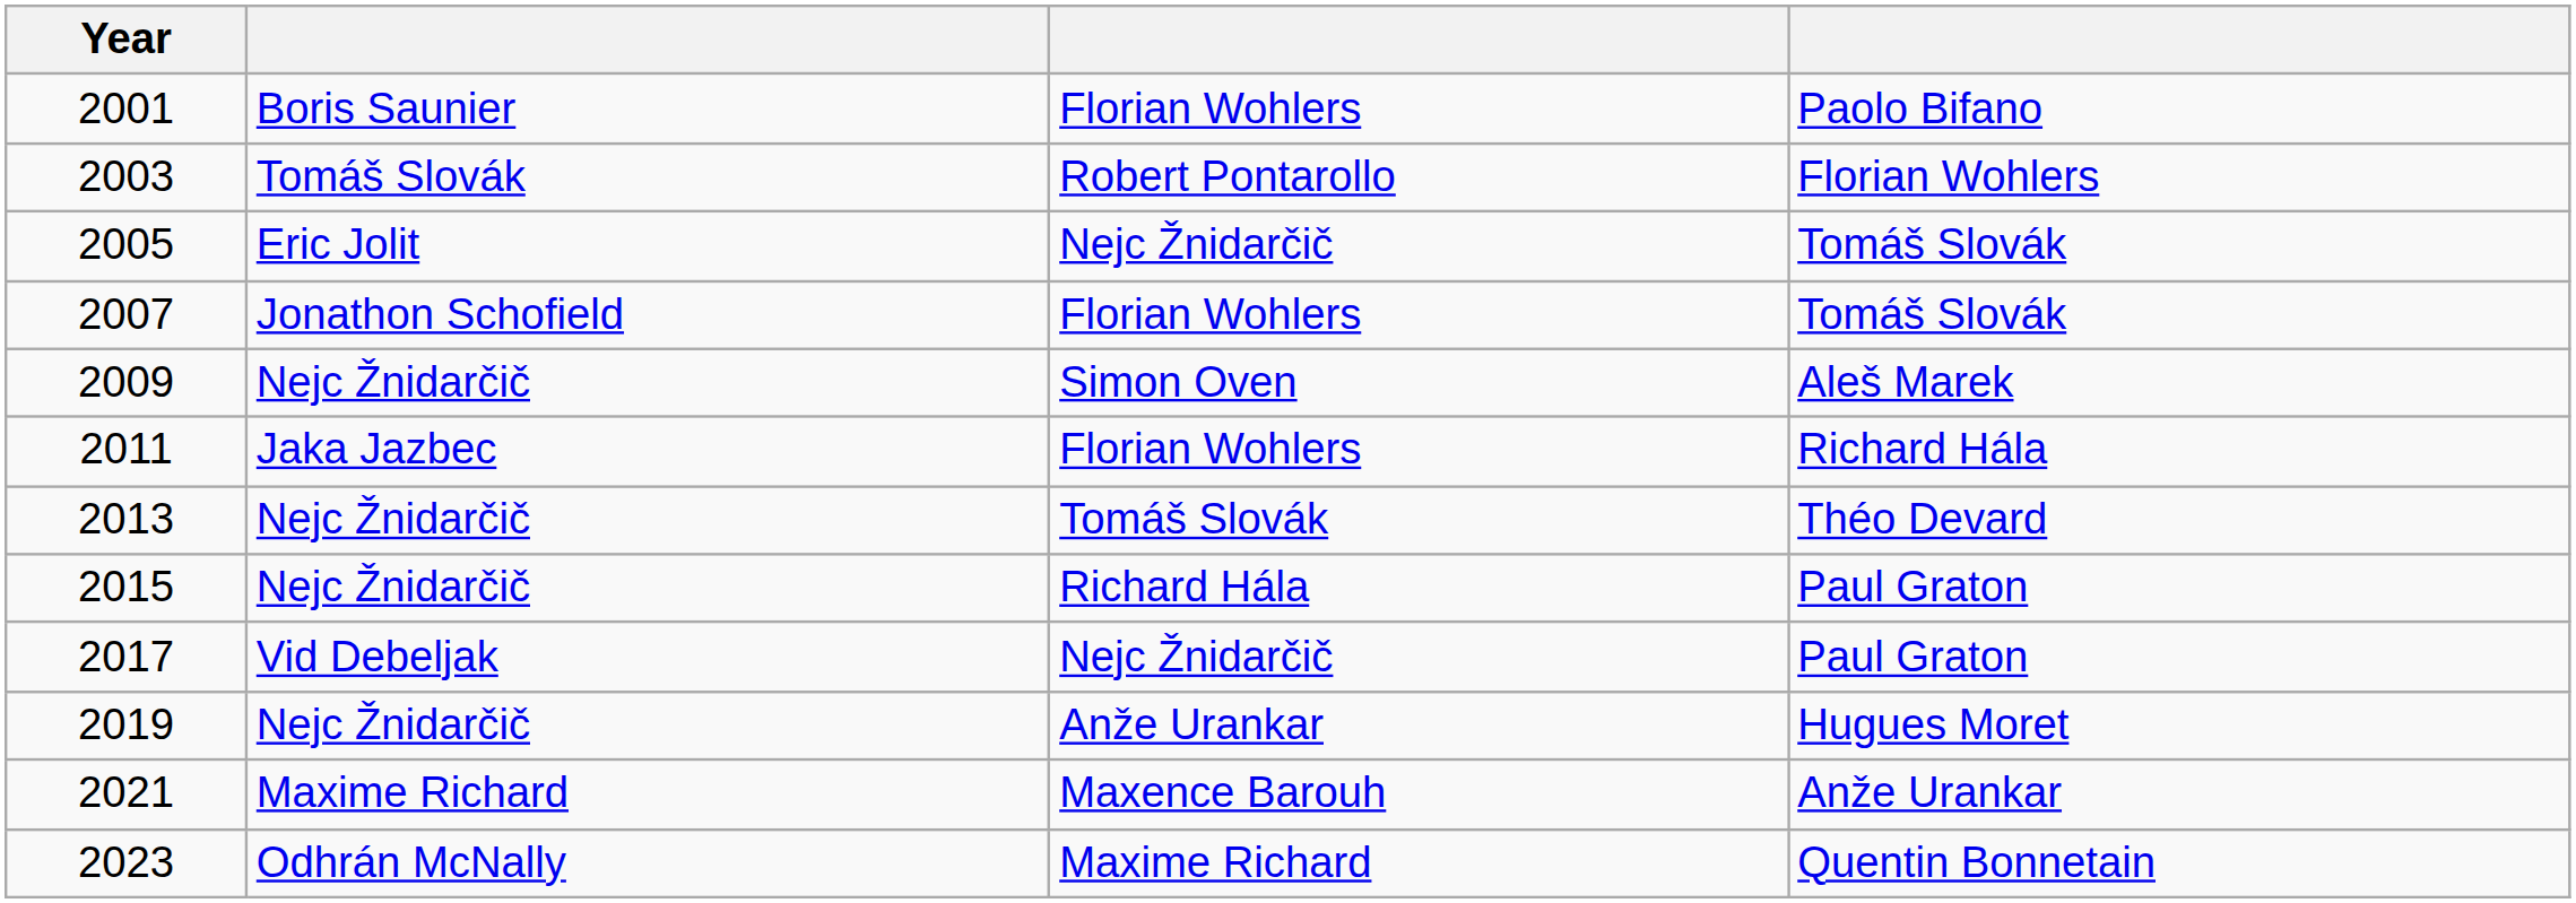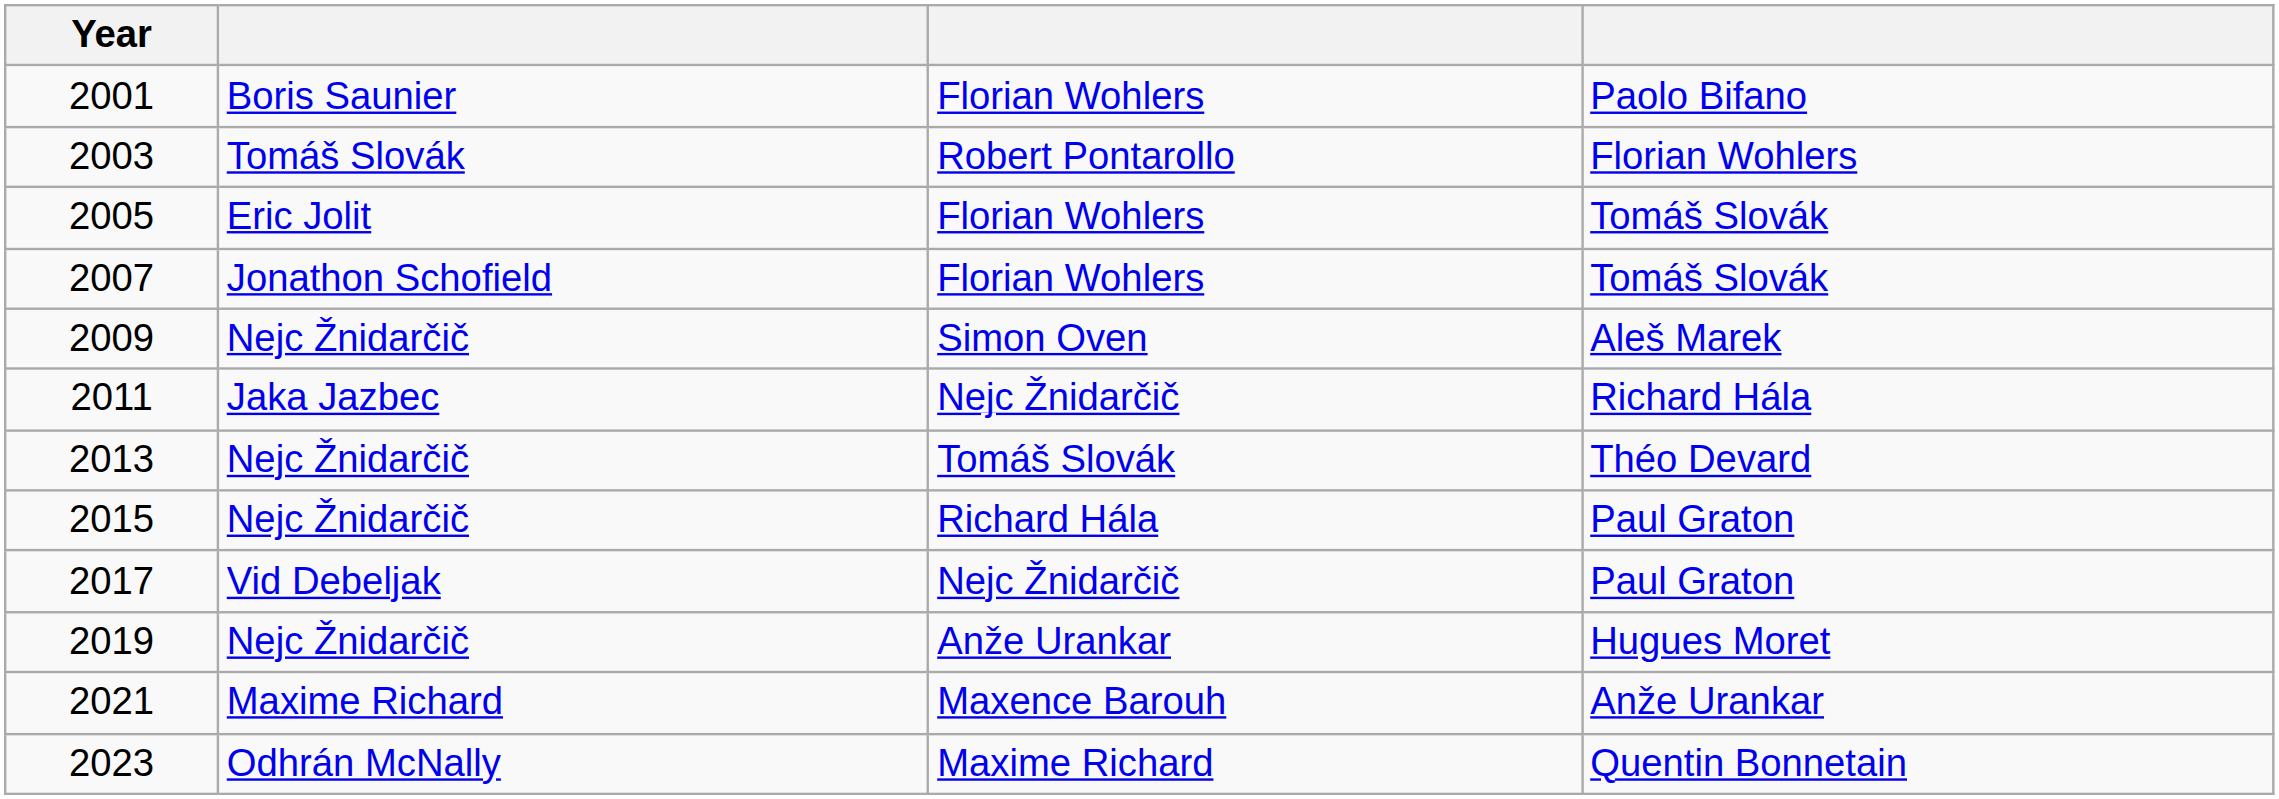 <table class="wikitable" width=60% style="font-size:100%; text-align:left;">
 <tr>
 <th>Year</th>
 <th></th>
 <th></th>
 <th></th>
 </tr>
 <tr>
 <td align=center>2001</td>
 <td> <a href='#'>Boris Saunier</a></td>
 <td> <a href='#'>Florian Wohlers</a></td>
 <td> <a href='#'>Paolo Bifano</a></td>
 </tr>
 <tr>
 <td align=center>2003</td>
 <td> <a href='#'>Tomáš Slovák</a></td>
 <td> <a href='#'>Robert Pontarollo</a></td>
 <td> <a href='#'>Florian Wohlers</a></td>
 </tr>
 <tr>
 <td align=center>2005</td>
 <td> <a href='#'>Eric Jolit</a></td>
-<td> <a href='#'>Nejc Žnidarčič</a></td>
+<td> <a href='#'>Florian Wohlers</a></td>
 <td> <a href='#'>Tomáš Slovák</a></td>
 </tr>
 <tr>
 <td align=center>2007</td>
 <td> <a href='#'>Jonathon Schofield</a></td>
 <td> <a href='#'>Florian Wohlers</a></td>
 <td> <a href='#'>Tomáš Slovák</a></td>
 </tr>
 <tr>
 <td align=center>2009</td>
 <td> <a href='#'>Nejc Žnidarčič</a></td>
 <td align=left> <a href='#'>Simon Oven</a></td>
 <td> <a href='#'>Aleš Marek</a></td>
 </tr>
 <tr>
 <td align=center>2011</td>
 <td> <a href='#'>Jaka Jazbec</a></td>
-<td> <a href='#'>Florian Wohlers</a></td>
+<td> <a href='#'>Nejc Žnidarčič</a></td>
 <td> <a href='#'>Richard Hála</a></td>
 </tr>
 <tr>
 <td align=center>2013</td>
 <td> <a href='#'>Nejc Žnidarčič</a></td>
 <td> <a href='#'>Tomáš Slovák</a></td>
 <td> <a href='#'>Théo Devard</a></td>
 </tr>
 <tr>
 <td align=center>2015</td>
 <td> <a href='#'>Nejc Žnidarčič</a></td>
 <td> <a href='#'>Richard Hála</a></td>
 <td> <a href='#'>Paul Graton</a></td>
 </tr>
 <tr>
 <td align=center>2017</td>
 <td> <a href='#'>Vid Debeljak</a></td>
 <td> <a href='#'>Nejc Žnidarčič</a></td>
 <td> <a href='#'>Paul Graton</a></td>
 </tr>
 <tr>
 <td align=center>2019</td>
 <td align=left> <a href='#'>Nejc Žnidarčič</a></td>
 <td align=left> <a href='#'>Anže Urankar</a></td>
 <td align=left> <a href='#'>Hugues Moret</a></td>
 </tr>
 <tr>
 <td align=center>2021</td>
 <td align=left> <a href='#'>Maxime Richard</a></td>
 <td align=left> <a href='#'>Maxence Barouh</a></td>
 <td align=left> <a href='#'>Anže Urankar</a></td>
 </tr>
 <tr>
 <td align=center>2023</td>
 <td align=left> <a href='#'>Odhrán McNally</a></td>
 <td> <a href='#'>Maxime Richard</a></td>
 <td align=left> <a href='#'>Quentin Bonnetain</a></td>
 </tr>
 </table>
